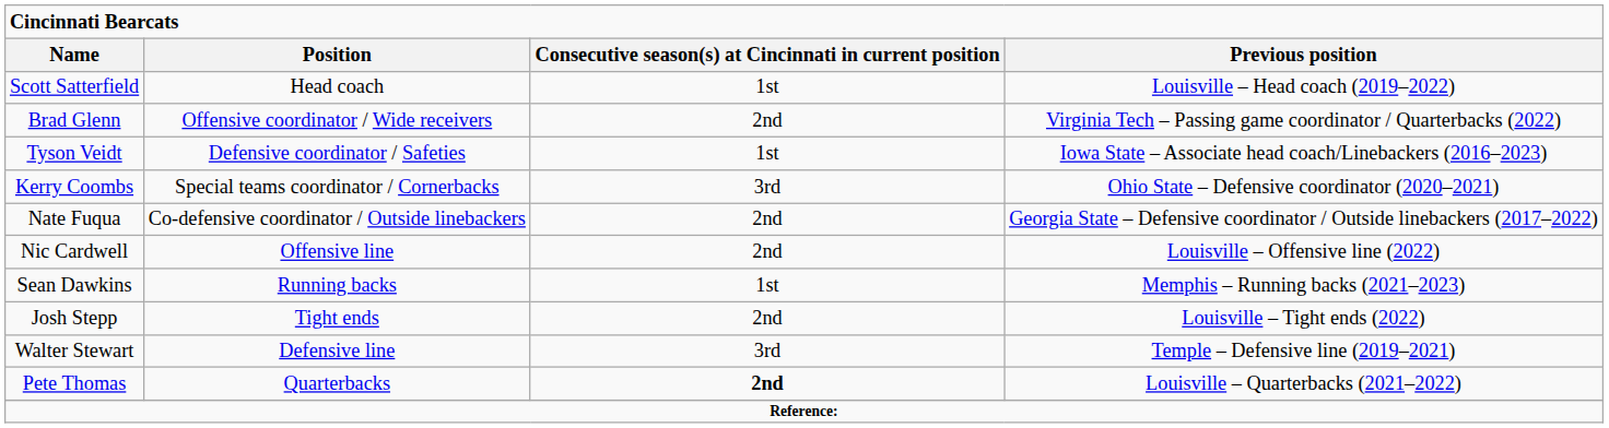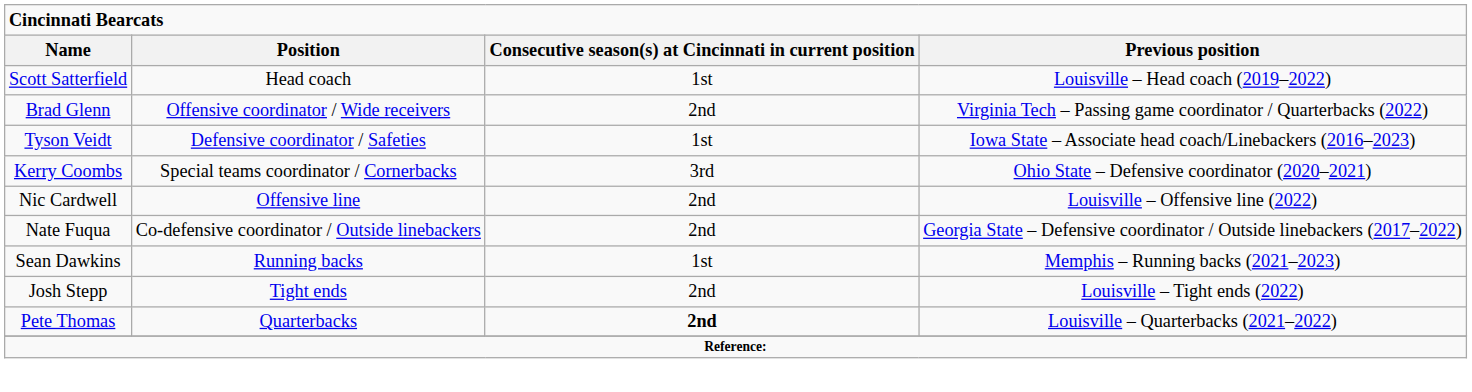 <table class="wikitable" style="font-size:90%;">
 <tr>
 <td colspan=4><strong>Cincinnati Bearcats</strong></td>
 </tr>
 <tr align="center";>
 <th>Name</th>
 <th>Position</th>
 <th>Consecutive season(s) at Cincinnati in current position</th>
 <th>Previous position</th>
 </tr>
 <tr align="center";>
 <td><a href='#'>Scott Satterfield</a></td>
 <td>Head coach</td>
 <td>1st</td>
 <td><a href='#'>Louisville</a> – Head coach (<a href='#'>2019</a>–<a href='#'>2022</a>)</td>
 </tr>
 <tr align="center";>
 <td><a href='#'>Brad Glenn</a></td>
 <td><a href='#'>Offensive coordinator</a> / <a href='#'>Wide receivers</a></td>
 <td>2nd</td>
 <td><a href='#'>Virginia Tech</a> – Passing game coordinator / Quarterbacks  (<a href='#'>2022</a>)</td>
 </tr>
 <tr align="center";>
 <td><a href='#'>Tyson Veidt</a></td>
 <td><a href='#'>Defensive coordinator</a> / <a href='#'>Safeties</a></td>
 <td>1st</td>
 <td><a href='#'>Iowa State</a> – Associate head coach/Linebackers (<a href='#'>2016</a>–<a href='#'>2023</a>)</td>
 </tr>
 <tr align="center";>
 <td><a href='#'>Kerry Coombs</a></td>
 <td>Special teams coordinator / <a href='#'>Cornerbacks</a></td>
 <td>3rd</td>
 <td><a href='#'>Ohio State</a> – Defensive coordinator (<a href='#'>2020</a>–<a href='#'>2021</a>)</td>
 </tr>
 <tr align="center";>
+<td>Nic Cardwell</td>
+<td><a href='#'>Offensive line</a></td>
+<td>2nd</td>
+<td><a href='#'>Louisville</a> – Offensive line (<a href='#'>2022</a>)</td>
+</tr>
+<tr align="center";>
 <td>Nate Fuqua</td>
 <td>Co-defensive coordinator / <a href='#'>Outside linebackers</a></td>
 <td>2nd</td>
 <td><a href='#'>Georgia State</a> – Defensive coordinator / Outside linebackers (<a href='#'>2017</a>–<a href='#'>2022</a>)</td>
-</tr>
-<tr align="center";>
-<td>Nic Cardwell</td>
-<td><a href='#'>Offensive line</a></td>
-<td>2nd</td>
-<td><a href='#'>Louisville</a> – Offensive line (<a href='#'>2022</a>)</td>
 </tr>
 <tr align="center";>
 <td>Sean Dawkins</td>
 <td><a href='#'>Running backs</a></td>
 <td>1st</td>
 <td><a href='#'>Memphis</a> – Running backs (<a href='#'>2021</a>–<a href='#'>2023</a>)</td>
 </tr>
 <tr align="center";>
 <td>Josh Stepp</td>
 <td><a href='#'>Tight ends</a></td>
 <td>2nd</td>
 <td><a href='#'>Louisville</a> – Tight ends (<a href='#'>2022</a>)</td>
 </tr>
 <tr align="center";>
-<td>Walter Stewart</td>
-<td><a href='#'>Defensive line</a></td>
-<td>3rd</td>
-<td><a href='#'>Temple</a> – Defensive line (<a href='#'>2019</a>–<a href='#'>2021</a>)</td>
-</tr>
-<tr align="center";>
 <td><a href='#'>Pete Thomas</a></td>
 <td><a href='#'>Quarterbacks</a></td>
 <td><strong>2nd</strong></td>
 <td><a href='#'>Louisville</a> – Quarterbacks (<a href='#'>2021</a>–<a href='#'>2022</a>)</td>
 </tr>
 <tr align="center";>
 </tr>
 <tr>
 <td colspan="4"  style="font-size:8pt; text-align:center;"><strong>Reference:</strong></td>
 </tr>
 </table>
